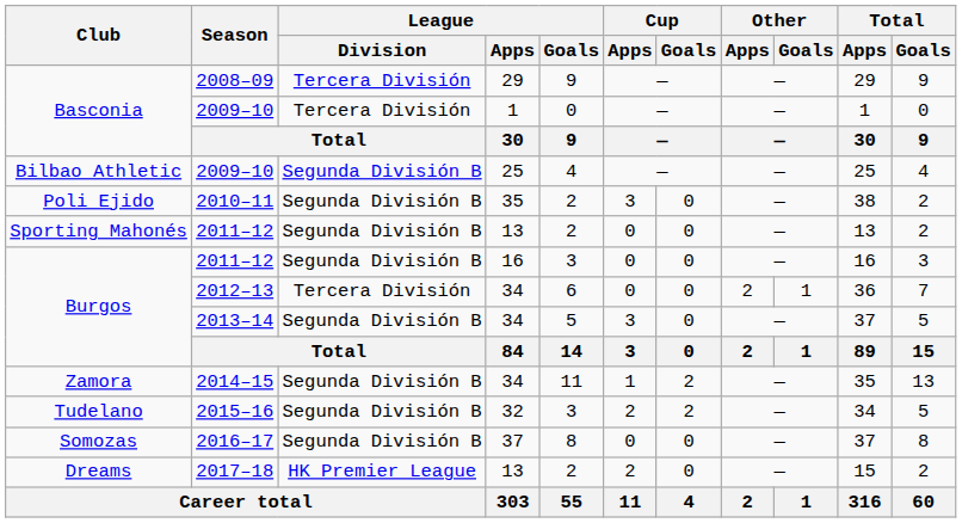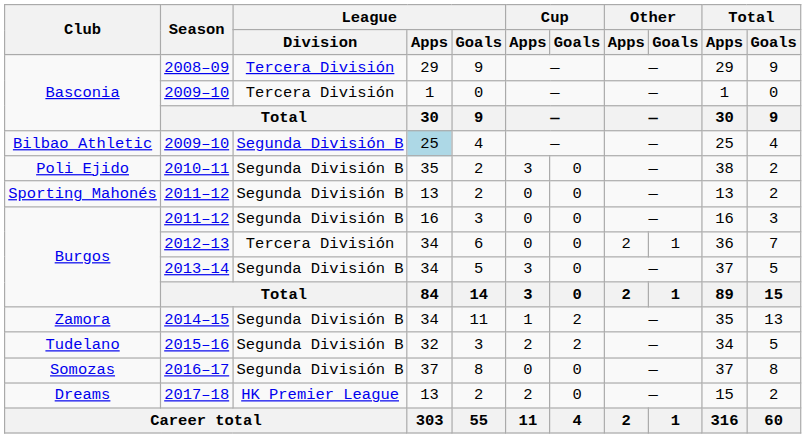 <table class="wikitable" style="text-align: center;">
 <tr>
 <th rowspan="2">Club</th>
 <th rowspan="2">Season</th>
 <th colspan="3">League</th>
 <th colspan="2">Cup</th>
 <th colspan="2">Other</th>
 <th colspan="2">Total</th>
 </tr>
 <tr>
 <th>Division</th>
 <th>Apps</th>
 <th>Goals</th>
 <th>Apps</th>
 <th>Goals</th>
 <th>Apps</th>
 <th>Goals</th>
 <th>Apps</th>
 <th>Goals</th>
 </tr>
 <tr>
 <td rowspan="3"><a href='#'>Basconia</a></td>
 <td><a href='#'>2008–09</a></td>
 <td><a href='#'>Tercera División</a></td>
 <td>29</td>
 <td>9</td>
 <td colspan="2">—</td>
 <td colspan="2">—</td>
 <td>29</td>
 <td>9</td>
 </tr>
 <tr>
 <td><a href='#'>2009–10</a></td>
 <td>Tercera División</td>
 <td>1</td>
 <td>0</td>
 <td colspan="2">—</td>
 <td colspan="2">—</td>
 <td>1</td>
 <td>0</td>
 </tr>
 <tr>
 <th colspan="2">Total</th>
 <th>30</th>
 <th>9</th>
 <th colspan="2">—</th>
 <th colspan="2">—</th>
 <th>30</th>
 <th>9</th>
 </tr>
 <tr>
 <td rowspan="1"><a href='#'>Bilbao Athletic</a></td>
 <td><a href='#'>2009–10</a></td>
 <td><a href='#'>Segunda División B</a></td>
-<td>25</td>
+<td style="background: lightblue;">25</td>
 <td>4</td>
 <td colspan="2">—</td>
 <td colspan="2">—</td>
 <td>25</td>
 <td>4</td>
 </tr>
 <tr>
 <td><a href='#'>Poli Ejido</a></td>
 <td><a href='#'>2010–11</a></td>
 <td>Segunda División B</td>
 <td>35</td>
 <td>2</td>
 <td>3</td>
 <td>0</td>
 <td colspan="2">—</td>
 <td>38</td>
 <td>2</td>
 </tr>
 <tr>
 <td rowspan="1"><a href='#'>Sporting Mahonés</a></td>
 <td><a href='#'>2011–12</a></td>
 <td>Segunda División B</td>
 <td>13</td>
 <td>2</td>
 <td>0</td>
 <td>0</td>
 <td colspan="2">—</td>
 <td>13</td>
 <td>2</td>
 </tr>
 <tr>
 <td Rowspan="4"><a href='#'>Burgos</a></td>
 <td><a href='#'>2011–12</a></td>
 <td>Segunda División B</td>
 <td>16</td>
 <td>3</td>
 <td>0</td>
 <td>0</td>
 <td colspan="2">—</td>
 <td>16</td>
 <td>3</td>
 </tr>
 <tr>
 <td><a href='#'>2012–13</a></td>
 <td>Tercera División</td>
 <td>34</td>
 <td>6</td>
 <td>0</td>
 <td>0</td>
 <td>2</td>
 <td>1</td>
 <td>36</td>
 <td>7</td>
 </tr>
 <tr>
 <td><a href='#'>2013–14</a></td>
 <td>Segunda División B</td>
 <td>34</td>
 <td>5</td>
 <td>3</td>
 <td>0</td>
 <td colspan="2">—</td>
 <td>37</td>
 <td>5</td>
 </tr>
 <tr>
 <th colspan="2">Total</th>
 <th>84</th>
 <th>14</th>
 <th>3</th>
 <th>0</th>
 <th>2</th>
 <th>1</th>
 <th>89</th>
 <th>15</th>
 </tr>
 <tr>
 <td><a href='#'>Zamora</a></td>
 <td><a href='#'>2014–15</a></td>
 <td>Segunda División B</td>
 <td>34</td>
 <td>11</td>
 <td>1</td>
 <td>2</td>
 <td colspan="2">—</td>
 <td>35</td>
 <td>13</td>
 </tr>
 <tr>
 <td><a href='#'>Tudelano</a></td>
 <td><a href='#'>2015–16</a></td>
 <td>Segunda División B</td>
 <td>32</td>
 <td>3</td>
 <td>2</td>
 <td>2</td>
 <td colspan="2">—</td>
 <td>34</td>
 <td>5</td>
 </tr>
 <tr>
 <td><a href='#'>Somozas</a></td>
 <td><a href='#'>2016–17</a></td>
 <td>Segunda División B</td>
 <td>37</td>
 <td>8</td>
 <td>0</td>
 <td>0</td>
 <td colspan="2">—</td>
 <td>37</td>
 <td>8</td>
 </tr>
 <tr>
 <td><a href='#'>Dreams</a></td>
 <td><a href='#'>2017–18</a></td>
 <td><a href='#'>HK Premier League</a></td>
 <td>13</td>
 <td>2</td>
 <td>2</td>
 <td>0</td>
 <td colspan="2">—</td>
 <td>15</td>
 <td>2</td>
 </tr>
 <tr>
 <th colspan="3">Career total</th>
 <th>303</th>
 <th>55</th>
 <th>11</th>
 <th>4</th>
 <th>2</th>
 <th>1</th>
 <th>316</th>
 <th>60</th>
 </tr>
 </table>
